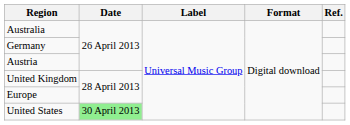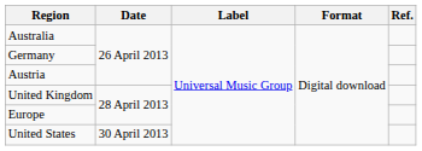 <table class="wikitable">
 <tr>
 <th>Region</th>
 <th>Date</th>
 <th>Label</th>
 <th>Format</th>
 <th>Ref.</th>
 </tr>
 <tr>
 <td>Australia</td>
 <td rowspan="3">26 April 2013</td>
 <td rowspan="6"><a href='#'>Universal Music Group</a></td>
 <td rowspan="6">Digital download</td>
 <td align="center"></td>
 </tr>
 <tr>
 <td>Germany</td>
 <td align="center"></td>
 </tr>
 <tr>
 <td>Austria</td>
 <td align="center"></td>
 </tr>
 <tr>
 <td>United Kingdom</td>
 <td rowspan="2">28 April 2013</td>
 <td align="center"></td>
 </tr>
 <tr>
 <td>Europe</td>
 <td align="center"></td>
 </tr>
 <tr>
 <td>United States</td>
-<td style="background: lightgreen;">30 April 2013</td>
+<td>30 April 2013</td>
 <td align="center"></td>
 </tr>
 </table>
